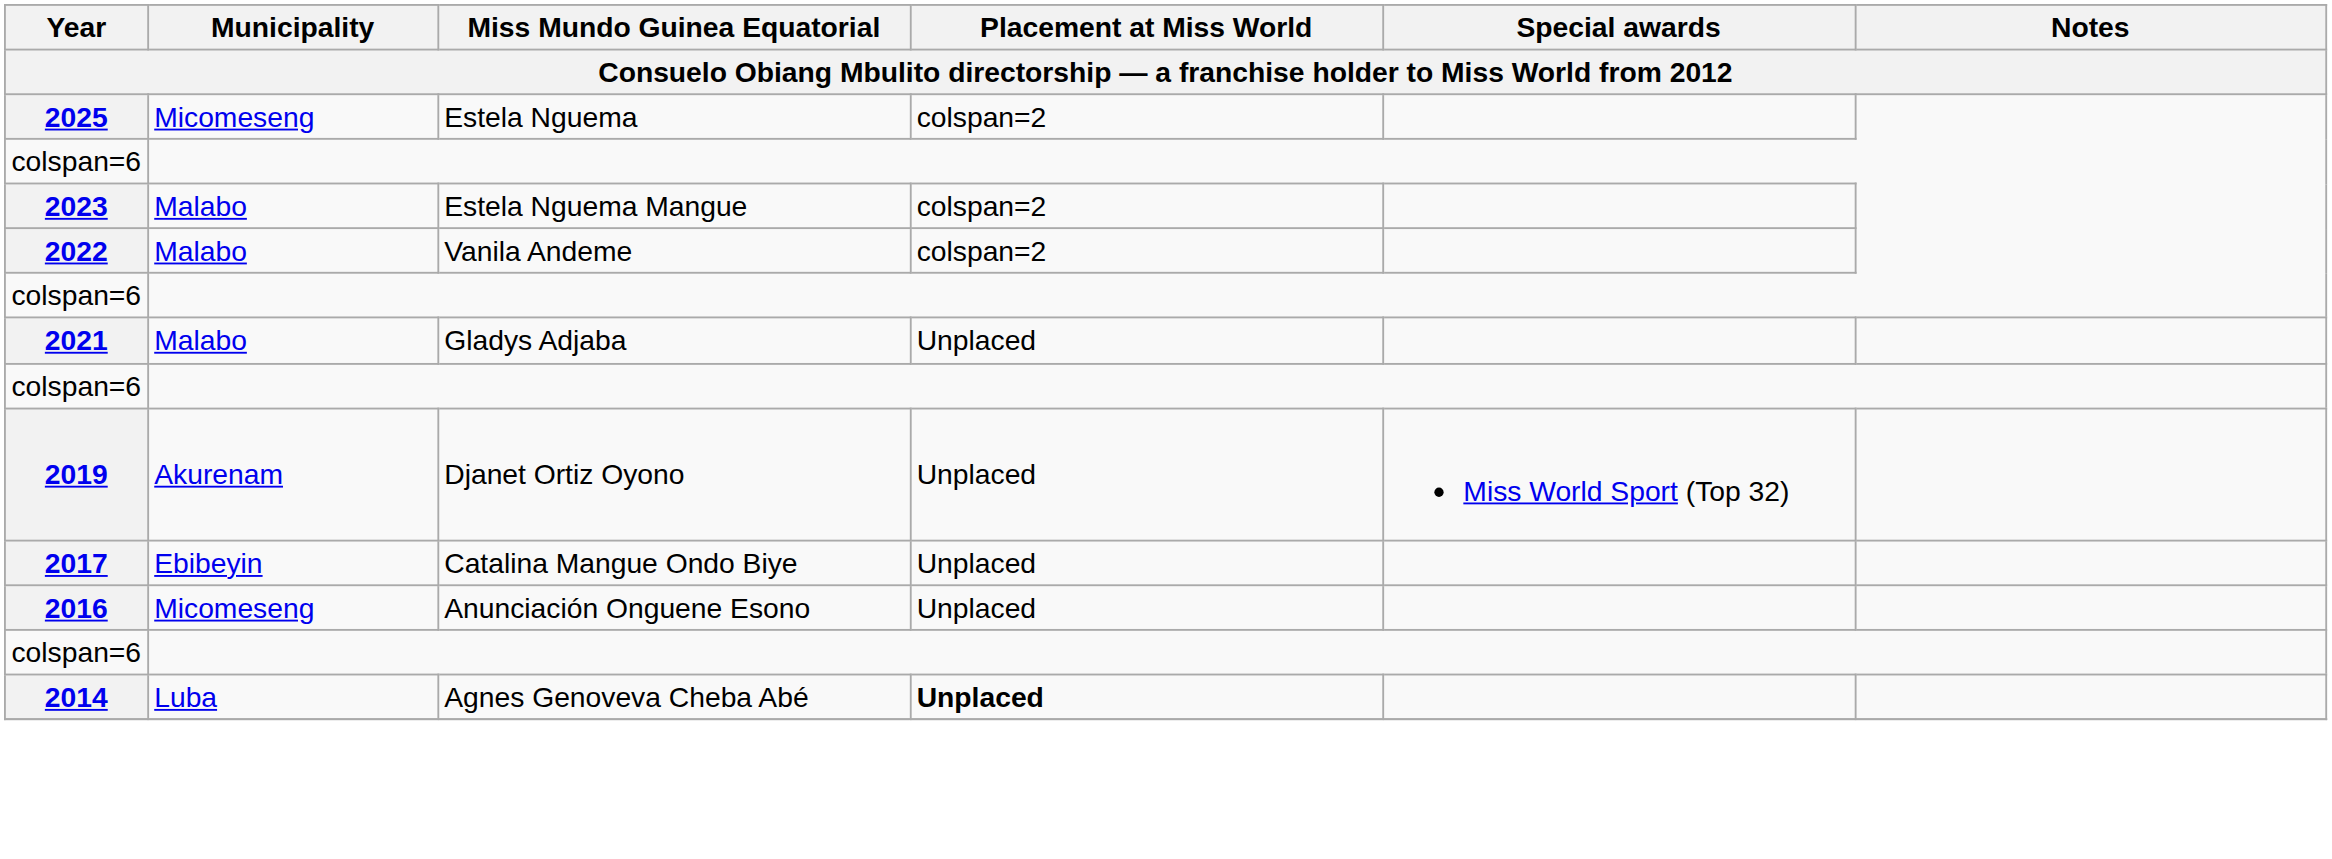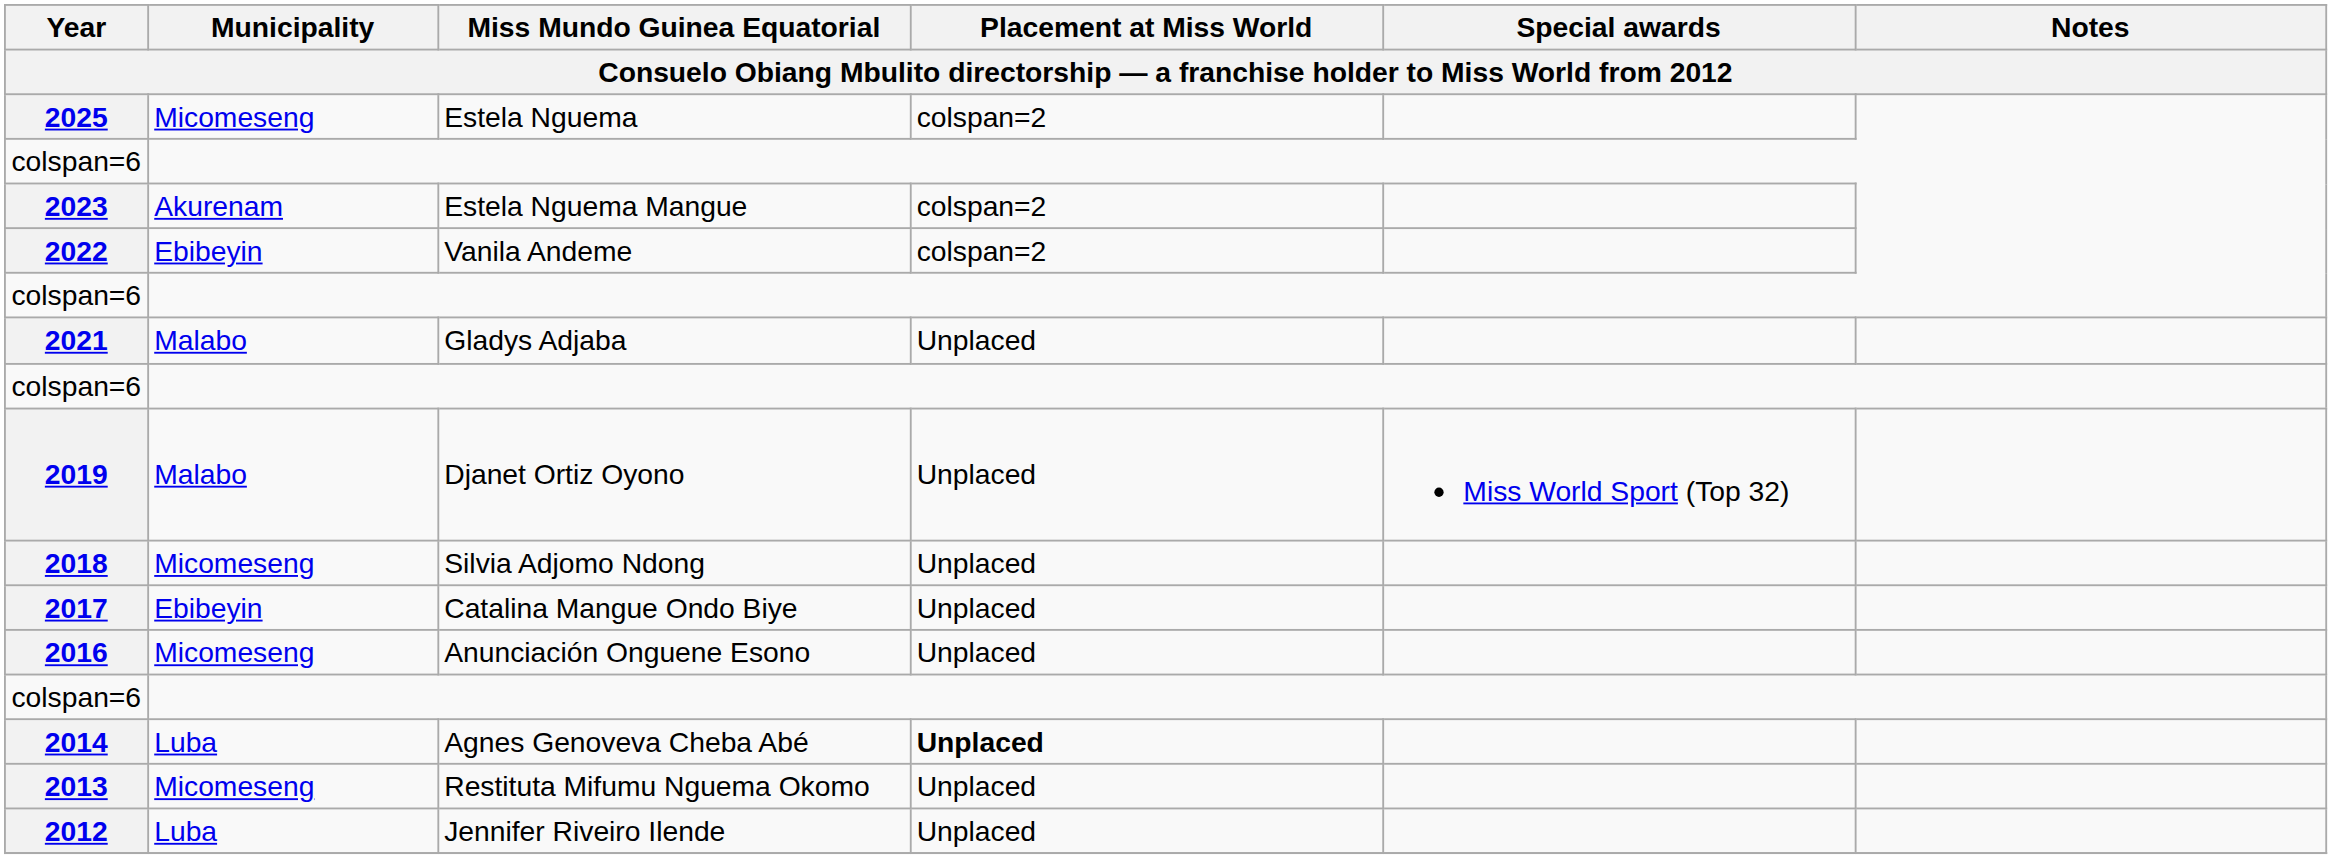 <table class="wikitable " style="font-size: 95%;">
 <tr>
 <th width="60">Year</th>
 <th width="150">Municipality</th>
 <th width="250">Miss Mundo Guinea Equatorial</th>
 <th width="250">Placement at Miss World</th>
 <th width="250">Special awards</th>
 <th width="250">Notes</th>
 </tr>
 <tr>
 <th colspan="6">Consuelo Obiang Mbulito directorship — a franchise holder to Miss World from 2012</th>
 </tr>
 <tr>
 <th><a href='#'>2025</a></th>
 <td><a href='#'>Micomeseng</a></td>
 <td>Estela Nguema</td>
 <td>colspan=2 </td>
 <td></td>
 </tr>
 <tr>
 <td>colspan=6 </td>
 </tr>
 <tr>
 <th><a href='#'>2023</a></th>
-<td><a href='#'>Malabo</a></td>
+<td><a href='#'>Akurenam</a></td>
 <td>Estela Nguema Mangue</td>
 <td>colspan=2 </td>
 <td></td>
 </tr>
 <tr>
 <th><a href='#'>2022</a></th>
-<td><a href='#'>Malabo</a></td>
+<td><a href='#'>Ebibeyin</a></td>
 <td>Vanila Andeme</td>
 <td>colspan=2 </td>
 <td></td>
 </tr>
 <tr>
 <td>colspan=6 </td>
 </tr>
 <tr>
 <th><a href='#'>2021</a></th>
 <td><a href='#'>Malabo</a></td>
 <td>Gladys Adjaba</td>
 <td>Unplaced</td>
 <td></td>
 <td></td>
 </tr>
 <tr>
 <td>colspan=6 </td>
 </tr>
 <tr>
 <th><a href='#'>2019</a></th>
-<td><a href='#'>Akurenam</a></td>
+<td><a href='#'>Malabo</a></td>
 <td>Djanet Ortiz Oyono</td>
 <td>Unplaced</td>
 <td align="left"><br><ul><li><a href='#'>Miss World Sport</a> (Top 32)</li></ul></td>
+<td></td>
+</tr>
+<tr>
+<th><a href='#'>2018</a></th>
+<td><a href='#'>Micomeseng</a></td>
+<td>Silvia Adjomo Ndong</td>
+<td>Unplaced</td>
+<td></td>
 <td></td>
 </tr>
 <tr>
 <th><a href='#'>2017</a></th>
 <td><a href='#'>Ebibeyin</a></td>
 <td>Catalina Mangue Ondo Biye</td>
 <td>Unplaced</td>
 <td></td>
 <td></td>
 </tr>
 <tr>
 <th><a href='#'>2016</a></th>
 <td><a href='#'>Micomeseng</a></td>
 <td>Anunciación Onguene Esono</td>
 <td>Unplaced</td>
 <td></td>
 <td></td>
 </tr>
 <tr>
 <td>colspan=6 </td>
 </tr>
 <tr>
 <th><a href='#'>2014</a></th>
 <td><a href='#'>Luba</a></td>
 <td>Agnes Genoveva Cheba Abé</td>
 <td><strong>Unplaced</strong></td>
 <td></td>
 <td></td>
 </tr>
 <tr>
+<th><a href='#'>2013</a></th>
+<td><a href='#'>Micomeseng</a></td>
+<td>Restituta Mifumu Nguema Okomo</td>
+<td>Unplaced</td>
+<td></td>
+<td></td>
+</tr>
+<tr>
+<th><a href='#'>2012</a></th>
+<td><a href='#'>Luba</a></td>
+<td>Jennifer Riveiro Ilende</td>
+<td>Unplaced</td>
+<td></td>
+<td></td>
+</tr>
+<tr>
 </tr>
 </table>
